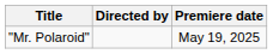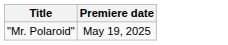 <table class="wikitable" style="text-align: center;">
 <tr>
 <th scope="col" style="background">Title</th>
-<th scope="col" style="background">Directed by</th>
 <th scope="col" style="background">Premiere date</th>
 </tr>
 <tr style="background">
 <td style="text-align: left;">"Mr. Polaroid"</td>
-<td></td>
 <td>May 19, 2025</td>
 </tr>
 </table>
